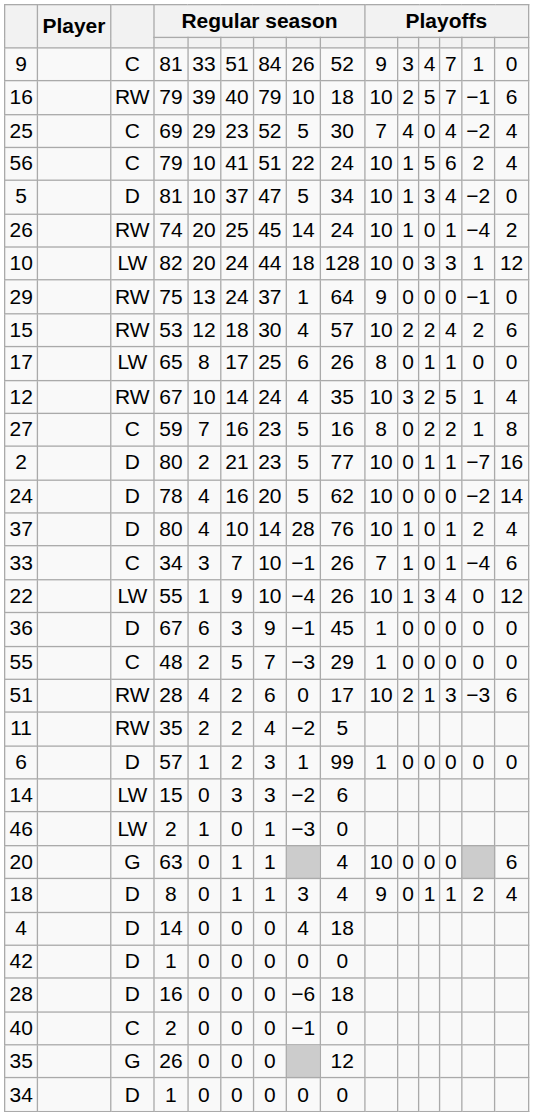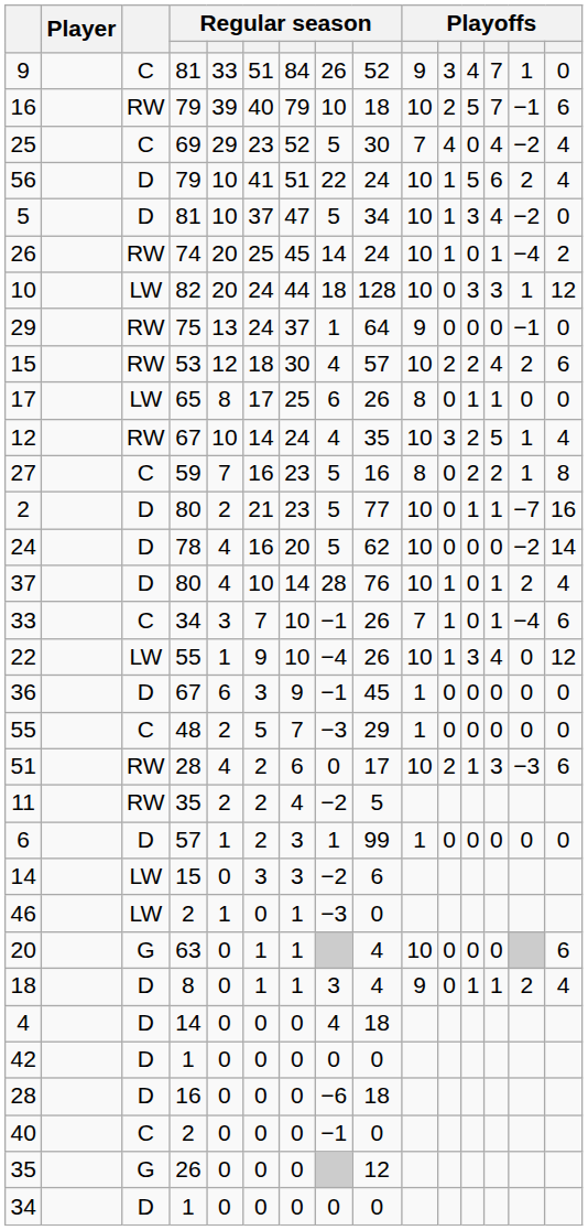 <table class="wikitable sortable plainrowheaders" style="text-align:center;">
 <tr>
 <th scope="col" data-sort-type="number" rowspan="2"></th>
 <th scope="col" rowspan="2">Player</th>
 <th scope="col" rowspan="2"></th>
 <th scope=colgroup colspan=6>Regular season</th>
 <th scope=colgroup colspan=6>Playoffs</th>
 </tr>
 <tr>
 <th scope="col" data-sort-type="number"></th>
 <th scope="col" data-sort-type="number"></th>
 <th scope="col" data-sort-type="number"></th>
 <th scope="col" data-sort-type="number"></th>
 <th scope="col" data-sort-type="number"></th>
 <th scope="col" data-sort-type="number"></th>
 <th scope="col" data-sort-type="number"></th>
 <th scope="col" data-sort-type="number"></th>
 <th scope="col" data-sort-type="number"></th>
 <th scope="col" data-sort-type="number"></th>
 <th scope="col" data-sort-type="number"></th>
 <th scope="col" data-sort-type="number"></th>
 </tr>
 <tr>
 <td scope="row">9</td>
 <td align="left"></td>
 <td>C</td>
 <td>81</td>
 <td>33</td>
 <td>51</td>
 <td>84</td>
 <td>26</td>
 <td>52</td>
 <td>9</td>
 <td>3</td>
 <td>4</td>
 <td>7</td>
 <td>1</td>
 <td>0</td>
 </tr>
 <tr>
 <td scope="row">16</td>
 <td align="left"></td>
 <td>RW</td>
 <td>79</td>
 <td>39</td>
 <td>40</td>
 <td>79</td>
 <td>10</td>
 <td>18</td>
 <td>10</td>
 <td>2</td>
 <td>5</td>
 <td>7</td>
 <td>−1</td>
 <td>6</td>
 </tr>
 <tr>
 <td scope="row">25</td>
 <td align="left"></td>
 <td>C</td>
 <td>69</td>
 <td>29</td>
 <td>23</td>
 <td>52</td>
 <td>5</td>
 <td>30</td>
 <td>7</td>
 <td>4</td>
 <td>0</td>
 <td>4</td>
 <td>−2</td>
 <td>4</td>
 </tr>
 <tr>
 <td scope="row">56</td>
 <td align="left"></td>
-<td>C</td>
+<td>D</td>
 <td>79</td>
 <td>10</td>
 <td>41</td>
 <td>51</td>
 <td>22</td>
 <td>24</td>
 <td>10</td>
 <td>1</td>
 <td>5</td>
 <td>6</td>
 <td>2</td>
 <td>4</td>
 </tr>
 <tr>
 <td scope="row">5</td>
 <td align="left"></td>
 <td>D</td>
 <td>81</td>
 <td>10</td>
 <td>37</td>
 <td>47</td>
 <td>5</td>
 <td>34</td>
 <td>10</td>
 <td>1</td>
 <td>3</td>
 <td>4</td>
 <td>−2</td>
 <td>0</td>
 </tr>
 <tr>
 <td scope="row">26</td>
 <td align="left"></td>
 <td>RW</td>
 <td>74</td>
 <td>20</td>
 <td>25</td>
 <td>45</td>
 <td>14</td>
 <td>24</td>
 <td>10</td>
 <td>1</td>
 <td>0</td>
 <td>1</td>
 <td>−4</td>
 <td>2</td>
 </tr>
 <tr>
 <td scope="row">10</td>
 <td align="left"></td>
 <td>LW</td>
 <td>82</td>
 <td>20</td>
 <td>24</td>
 <td>44</td>
 <td>18</td>
 <td>128</td>
 <td>10</td>
 <td>0</td>
 <td>3</td>
 <td>3</td>
 <td>1</td>
 <td>12</td>
 </tr>
 <tr>
 <td scope="row">29</td>
 <td align="left"></td>
 <td>RW</td>
 <td>75</td>
 <td>13</td>
 <td>24</td>
 <td>37</td>
 <td>1</td>
 <td>64</td>
 <td>9</td>
 <td>0</td>
 <td>0</td>
 <td>0</td>
 <td>−1</td>
 <td>0</td>
 </tr>
 <tr>
 <td scope="row">15</td>
 <td align="left"></td>
 <td>RW</td>
 <td>53</td>
 <td>12</td>
 <td>18</td>
 <td>30</td>
 <td>4</td>
 <td>57</td>
 <td>10</td>
 <td>2</td>
 <td>2</td>
 <td>4</td>
 <td>2</td>
 <td>6</td>
 </tr>
 <tr>
 <td scope="row">17</td>
 <td align="left"></td>
 <td>LW</td>
 <td>65</td>
 <td>8</td>
 <td>17</td>
 <td>25</td>
 <td>6</td>
 <td>26</td>
 <td>8</td>
 <td>0</td>
 <td>1</td>
 <td>1</td>
 <td>0</td>
 <td>0</td>
 </tr>
 <tr>
 <td scope="row">12</td>
 <td align="left"></td>
 <td>RW</td>
 <td>67</td>
 <td>10</td>
 <td>14</td>
 <td>24</td>
 <td>4</td>
 <td>35</td>
 <td>10</td>
 <td>3</td>
 <td>2</td>
 <td>5</td>
 <td>1</td>
 <td>4</td>
 </tr>
 <tr>
 <td scope="row">27</td>
 <td align="left"></td>
 <td>C</td>
 <td>59</td>
 <td>7</td>
 <td>16</td>
 <td>23</td>
 <td>5</td>
 <td>16</td>
 <td>8</td>
 <td>0</td>
 <td>2</td>
 <td>2</td>
 <td>1</td>
 <td>8</td>
 </tr>
 <tr>
 <td scope="row">2</td>
 <td align="left"></td>
 <td>D</td>
 <td>80</td>
 <td>2</td>
 <td>21</td>
 <td>23</td>
 <td>5</td>
 <td>77</td>
 <td>10</td>
 <td>0</td>
 <td>1</td>
 <td>1</td>
 <td>−7</td>
 <td>16</td>
 </tr>
 <tr>
 <td scope="row">24</td>
 <td align="left"></td>
 <td>D</td>
 <td>78</td>
 <td>4</td>
 <td>16</td>
 <td>20</td>
 <td>5</td>
 <td>62</td>
 <td>10</td>
 <td>0</td>
 <td>0</td>
 <td>0</td>
 <td>−2</td>
 <td>14</td>
 </tr>
 <tr>
 <td scope="row">37</td>
 <td align="left"></td>
 <td>D</td>
 <td>80</td>
 <td>4</td>
 <td>10</td>
 <td>14</td>
 <td>28</td>
 <td>76</td>
 <td>10</td>
 <td>1</td>
 <td>0</td>
 <td>1</td>
 <td>2</td>
 <td>4</td>
 </tr>
 <tr>
 <td scope="row">33</td>
 <td align="left"></td>
 <td>C</td>
 <td>34</td>
 <td>3</td>
 <td>7</td>
 <td>10</td>
 <td>−1</td>
 <td>26</td>
 <td>7</td>
 <td>1</td>
 <td>0</td>
 <td>1</td>
 <td>−4</td>
 <td>6</td>
 </tr>
 <tr>
 <td scope="row">22</td>
 <td align="left"></td>
 <td>LW</td>
 <td>55</td>
 <td>1</td>
 <td>9</td>
 <td>10</td>
 <td>−4</td>
 <td>26</td>
 <td>10</td>
 <td>1</td>
 <td>3</td>
 <td>4</td>
 <td>0</td>
 <td>12</td>
 </tr>
 <tr>
 <td scope="row">36</td>
 <td align="left"></td>
 <td>D</td>
 <td>67</td>
 <td>6</td>
 <td>3</td>
 <td>9</td>
 <td>−1</td>
 <td>45</td>
 <td>1</td>
 <td>0</td>
 <td>0</td>
 <td>0</td>
 <td>0</td>
 <td>0</td>
 </tr>
 <tr>
 <td scope="row">55</td>
 <td align="left"></td>
 <td>C</td>
 <td>48</td>
 <td>2</td>
 <td>5</td>
 <td>7</td>
 <td>−3</td>
 <td>29</td>
 <td>1</td>
 <td>0</td>
 <td>0</td>
 <td>0</td>
 <td>0</td>
 <td>0</td>
 </tr>
 <tr>
 <td scope="row">51</td>
 <td align="left"></td>
 <td>RW</td>
 <td>28</td>
 <td>4</td>
 <td>2</td>
 <td>6</td>
 <td>0</td>
 <td>17</td>
 <td>10</td>
 <td>2</td>
 <td>1</td>
 <td>3</td>
 <td>−3</td>
 <td>6</td>
 </tr>
 <tr>
 <td scope="row">11</td>
 <td align="left"></td>
 <td>RW</td>
 <td>35</td>
 <td>2</td>
 <td>2</td>
 <td>4</td>
 <td>−2</td>
 <td>5</td>
 <td></td>
 <td></td>
 <td></td>
 <td></td>
 <td></td>
 <td></td>
 </tr>
 <tr>
 <td scope="row">6</td>
 <td align="left"></td>
 <td>D</td>
 <td>57</td>
 <td>1</td>
 <td>2</td>
 <td>3</td>
 <td>1</td>
 <td>99</td>
 <td>1</td>
 <td>0</td>
 <td>0</td>
 <td>0</td>
 <td>0</td>
 <td>0</td>
 </tr>
 <tr>
 <td scope="row">14</td>
 <td align="left"></td>
 <td>LW</td>
 <td>15</td>
 <td>0</td>
 <td>3</td>
 <td>3</td>
 <td>−2</td>
 <td>6</td>
 <td></td>
 <td></td>
 <td></td>
 <td></td>
 <td></td>
 <td></td>
 </tr>
 <tr>
 <td scope="row">46</td>
 <td align="left"></td>
 <td>LW</td>
 <td>2</td>
 <td>1</td>
 <td>0</td>
 <td>1</td>
 <td>−3</td>
 <td>0</td>
 <td></td>
 <td></td>
 <td></td>
 <td></td>
 <td></td>
 <td></td>
 </tr>
 <tr>
 <td scope="row">20</td>
 <td align="left"></td>
 <td>G</td>
 <td>63</td>
 <td>0</td>
 <td>1</td>
 <td>1</td>
 <td style="background:#ccc"></td>
 <td>4</td>
 <td>10</td>
 <td>0</td>
 <td>0</td>
 <td>0</td>
 <td style="background:#ccc"></td>
 <td>6</td>
 </tr>
 <tr>
 <td scope="row">18</td>
 <td align="left"></td>
 <td>D</td>
 <td>8</td>
 <td>0</td>
 <td>1</td>
 <td>1</td>
 <td>3</td>
 <td>4</td>
 <td>9</td>
 <td>0</td>
 <td>1</td>
 <td>1</td>
 <td>2</td>
 <td>4</td>
 </tr>
 <tr>
 <td scope="row">4</td>
 <td align="left"></td>
 <td>D</td>
 <td>14</td>
 <td>0</td>
 <td>0</td>
 <td>0</td>
 <td>4</td>
 <td>18</td>
 <td></td>
 <td></td>
 <td></td>
 <td></td>
 <td></td>
 <td></td>
 </tr>
 <tr>
 <td scope="row">42</td>
 <td align="left"></td>
 <td>D</td>
 <td>1</td>
 <td>0</td>
 <td>0</td>
 <td>0</td>
 <td>0</td>
 <td>0</td>
 <td></td>
 <td></td>
 <td></td>
 <td></td>
 <td></td>
 <td></td>
 </tr>
 <tr>
 <td scope="row">28</td>
 <td align="left"></td>
 <td>D</td>
 <td>16</td>
 <td>0</td>
 <td>0</td>
 <td>0</td>
 <td>−6</td>
 <td>18</td>
 <td></td>
 <td></td>
 <td></td>
 <td></td>
 <td></td>
 <td></td>
 </tr>
 <tr>
 <td scope="row">40</td>
 <td align="left"></td>
 <td>C</td>
 <td>2</td>
 <td>0</td>
 <td>0</td>
 <td>0</td>
 <td>−1</td>
 <td>0</td>
 <td></td>
 <td></td>
 <td></td>
 <td></td>
 <td></td>
 <td></td>
 </tr>
 <tr>
 <td scope="row">35</td>
 <td align="left"></td>
 <td>G</td>
 <td>26</td>
 <td>0</td>
 <td>0</td>
 <td>0</td>
 <td style="background:#ccc"></td>
 <td>12</td>
 <td></td>
 <td></td>
 <td></td>
 <td></td>
 <td></td>
 <td></td>
 </tr>
 <tr>
 <td scope="row">34</td>
 <td align="left"></td>
 <td>D</td>
 <td>1</td>
 <td>0</td>
 <td>0</td>
 <td>0</td>
 <td>0</td>
 <td>0</td>
 <td></td>
 <td></td>
 <td></td>
 <td></td>
 <td></td>
 <td></td>
 </tr>
 </table>
